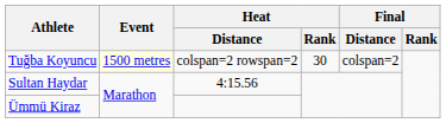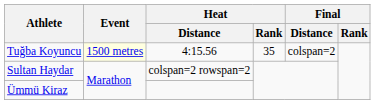 <table class=wikitable style="font-size:90%;">
 <tr>
 <th rowspan=2>Athlete</th>
 <th rowspan=2>Event</th>
 <th colspan=2>Heat</th>
 <th colspan=2>Final</th>
 </tr>
 <tr>
 <th>Distance</th>
 <th>Rank</th>
 <th>Distance</th>
 <th>Rank</th>
 </tr>
 <tr>
 <td><a href='#'>Tuğba Koyuncu</a></td>
 <td style="background: lightyellow;"><a href='#'>1500 metres</a></td>
-<td>colspan=2 rowspan=2 </td>
-<td align="center">30</td>
+<td align="center">4:15.56</td>
+<td align="center">35</td>
 <td>colspan=2 </td>
 </tr>
 <tr>
 <td><a href='#'>Sultan Haydar</a></td>
 <td rowspan=2><a href='#'>Marathon</a></td>
-<td align="center">4:15.56</td>
+<td>colspan=2 rowspan=2 </td>
 <td align="center" colspan=2 rowspan=2></td>
 </tr>
 <tr>
 <td><a href='#'>Ümmü Kiraz</a></td>
 </tr>
 </table>
